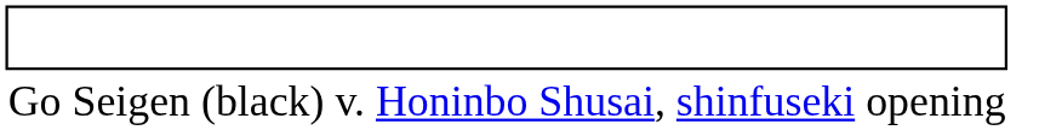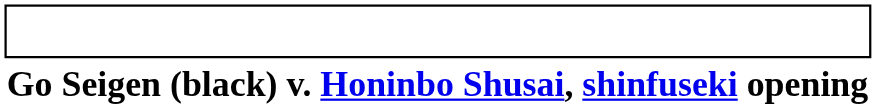 <table>
 <tr>
 <td style="border: solid thin; padding: 2px;"><br></td>
 </tr>
 <tr>
-<td style="text-align:center">Go Seigen (black) v. <a href='#'>Honinbo Shusai</a>, <a href='#'>shinfuseki</a> opening</td>
+<td style="text-align:center"><strong>Go Seigen (black) v. <a href='#'>Honinbo Shusai</a>, <a href='#'>shinfuseki</a> opening</strong></td>
 </tr>
 </table>
